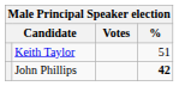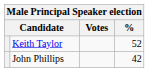 <table class="wikitable">
 <tr>
 <th colspan="4">Male Principal Speaker election</th>
 </tr>
 <tr style="background:#e9e9e9;">
 <th colspan="2">Candidate</th>
 <th style="width: 50px">Votes</th>
 <th style="width: 40px">%</th>
 </tr>
 <tr>
 <th style="background-color: "></th>
 <td><a href='#'>Keith Taylor</a></td>
 <td style="text-align:right;"></td>
-<td style="text-align:right;">51</td>
+<td style="text-align:right;">52</td>
 </tr>
 <tr>
 <th style="background-color: "></th>
 <td>John Phillips</td>
 <td style="text-align:right;"></td>
-<td style="text-align:right;"><strong>42</strong></td>
+<td style="text-align:right;">42</td>
 </tr>
 </table>
